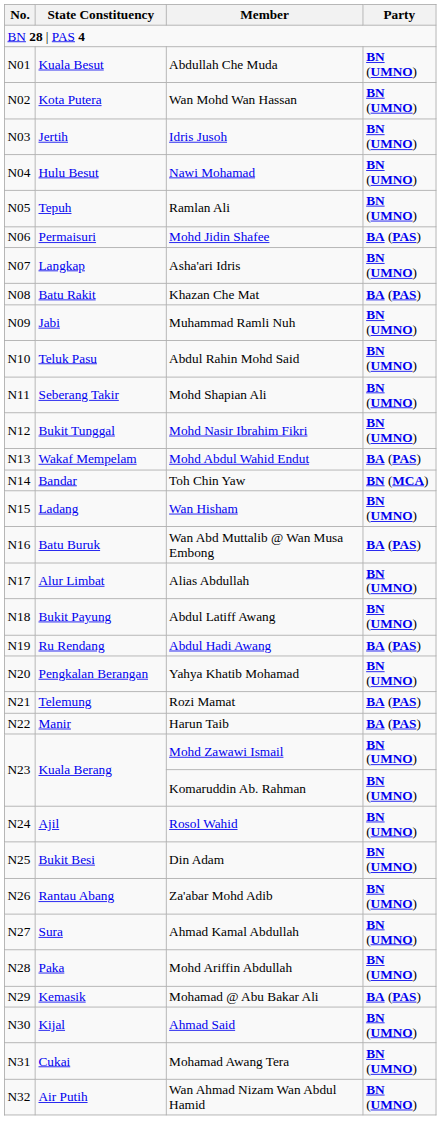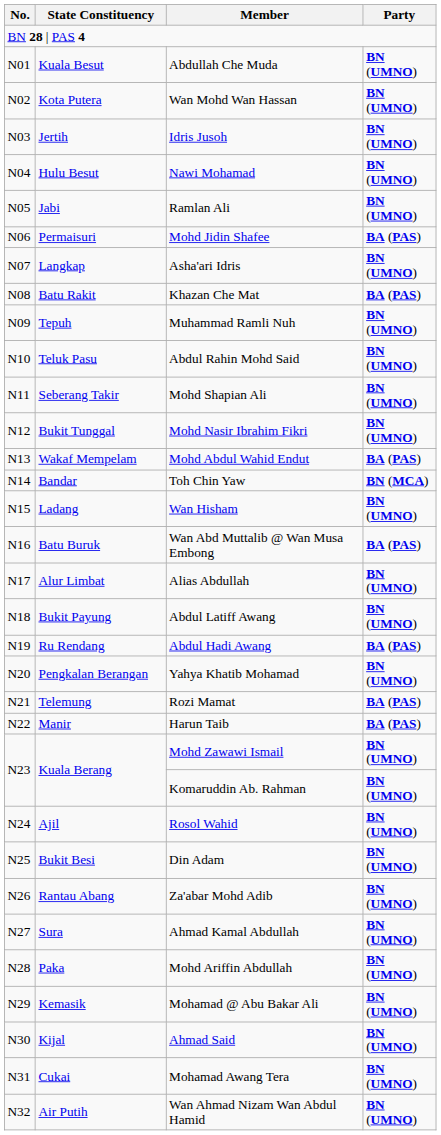 <table class="wikitable sortable">
 <tr>
 <th style="width:30px;">No.</th>
 <th style="width:150px;">State Constituency</th>
 <th style="width:230px;">Member</th>
 <th style="width:80px;">Party</th>
 </tr>
 <tr>
 <td colspan="4"><a href='#'>BN</a> <strong>28</strong> | <a href='#'>PAS</a> <strong>4</strong></td>
 </tr>
 <tr>
 <td>N01</td>
 <td><a href='#'>Kuala Besut</a></td>
 <td>Abdullah Che Muda</td>
 <td><strong><a href='#'>BN</a></strong> (<strong><a href='#'>UMNO</a></strong>)</td>
 </tr>
 <tr>
 <td>N02</td>
 <td><a href='#'>Kota Putera</a></td>
 <td>Wan Mohd Wan Hassan</td>
 <td><strong><a href='#'>BN</a></strong> (<strong><a href='#'>UMNO</a></strong>)</td>
 </tr>
 <tr>
 <td>N03</td>
 <td><a href='#'>Jertih</a></td>
 <td><a href='#'>Idris Jusoh</a></td>
 <td><strong><a href='#'>BN</a></strong> (<strong><a href='#'>UMNO</a></strong>)</td>
 </tr>
 <tr>
 <td>N04</td>
 <td><a href='#'>Hulu Besut</a></td>
 <td><a href='#'>Nawi Mohamad</a></td>
 <td><strong><a href='#'>BN</a></strong> (<strong><a href='#'>UMNO</a></strong>)</td>
 </tr>
 <tr>
 <td>N05</td>
-<td><a href='#'>Tepuh</a></td>
+<td><a href='#'>Jabi</a></td>
 <td>Ramlan Ali</td>
 <td><strong><a href='#'>BN</a></strong> (<strong><a href='#'>UMNO</a></strong>)</td>
 </tr>
 <tr>
 <td>N06</td>
 <td><a href='#'>Permaisuri</a></td>
 <td><a href='#'>Mohd Jidin Shafee</a></td>
 <td><strong><a href='#'>BA</a></strong> (<strong><a href='#'>PAS</a></strong>)</td>
 </tr>
 <tr>
 <td>N07</td>
 <td><a href='#'>Langkap</a></td>
 <td>Asha'ari Idris</td>
 <td><strong><a href='#'>BN</a></strong> (<strong><a href='#'>UMNO</a></strong>)</td>
 </tr>
 <tr>
 <td>N08</td>
 <td><a href='#'>Batu Rakit</a></td>
 <td>Khazan Che Mat</td>
 <td><strong><a href='#'>BA</a></strong> (<strong><a href='#'>PAS</a></strong>)</td>
 </tr>
 <tr>
 <td>N09</td>
-<td><a href='#'>Jabi</a></td>
+<td><a href='#'>Tepuh</a></td>
 <td>Muhammad Ramli Nuh</td>
 <td><strong><a href='#'>BN</a></strong> (<strong><a href='#'>UMNO</a></strong>)</td>
 </tr>
 <tr>
 <td>N10</td>
 <td><a href='#'>Teluk Pasu</a></td>
 <td>Abdul Rahin Mohd Said</td>
 <td><strong><a href='#'>BN</a></strong> (<strong><a href='#'>UMNO</a></strong>)</td>
 </tr>
 <tr>
 <td>N11</td>
 <td><a href='#'>Seberang Takir</a></td>
 <td>Mohd Shapian Ali</td>
 <td><strong><a href='#'>BN</a></strong> (<strong><a href='#'>UMNO</a></strong>)</td>
 </tr>
 <tr>
 <td>N12</td>
 <td><a href='#'>Bukit Tunggal</a></td>
 <td><a href='#'>Mohd Nasir Ibrahim Fikri</a></td>
 <td><strong><a href='#'>BN</a></strong> (<strong><a href='#'>UMNO</a></strong>)</td>
 </tr>
 <tr>
 <td>N13</td>
 <td><a href='#'>Wakaf Mempelam</a></td>
 <td><a href='#'>Mohd Abdul Wahid Endut</a></td>
 <td><strong><a href='#'>BA</a></strong> (<strong><a href='#'>PAS</a></strong>)</td>
 </tr>
 <tr>
 <td>N14</td>
 <td><a href='#'>Bandar</a></td>
 <td>Toh Chin Yaw</td>
 <td><strong><a href='#'>BN</a></strong> (<strong><a href='#'>MCA</a></strong>)</td>
 </tr>
 <tr>
 <td>N15</td>
 <td><a href='#'>Ladang</a></td>
 <td><a href='#'>Wan Hisham</a></td>
 <td><strong><a href='#'>BN</a></strong> (<strong><a href='#'>UMNO</a></strong>)</td>
 </tr>
 <tr>
 <td>N16</td>
 <td><a href='#'>Batu Buruk</a></td>
 <td>Wan Abd Muttalib @ Wan Musa Embong</td>
 <td><strong><a href='#'>BA</a></strong> (<strong><a href='#'>PAS</a></strong>)</td>
 </tr>
 <tr>
 <td>N17</td>
 <td><a href='#'>Alur Limbat</a></td>
 <td>Alias Abdullah</td>
 <td><strong><a href='#'>BN</a></strong> (<strong><a href='#'>UMNO</a></strong>)</td>
 </tr>
 <tr>
 <td>N18</td>
 <td><a href='#'>Bukit Payung</a></td>
 <td>Abdul Latiff Awang</td>
 <td><strong><a href='#'>BN</a></strong> (<strong><a href='#'>UMNO</a></strong>)</td>
 </tr>
 <tr>
 <td>N19</td>
 <td><a href='#'>Ru Rendang</a></td>
 <td><a href='#'>Abdul Hadi Awang</a></td>
 <td><strong><a href='#'>BA</a></strong> (<strong><a href='#'>PAS</a></strong>)</td>
 </tr>
 <tr>
 <td>N20</td>
 <td><a href='#'>Pengkalan Berangan</a></td>
 <td>Yahya Khatib Mohamad</td>
 <td><strong><a href='#'>BN</a></strong> (<strong><a href='#'>UMNO</a></strong>)</td>
 </tr>
 <tr>
 <td>N21</td>
 <td><a href='#'>Telemung</a></td>
 <td>Rozi Mamat</td>
 <td><strong><a href='#'>BA</a></strong> (<strong><a href='#'>PAS</a></strong>)</td>
 </tr>
 <tr>
 <td>N22</td>
 <td><a href='#'>Manir</a></td>
 <td>Harun Taib</td>
 <td><strong><a href='#'>BA</a></strong> (<strong><a href='#'>PAS</a></strong>)</td>
 </tr>
 <tr>
 <td rowspan=2>N23</td>
 <td rowspan=2><a href='#'>Kuala Berang</a></td>
 <td><a href='#'>Mohd Zawawi Ismail</a> </td>
 <td><strong><a href='#'>BN</a></strong> (<strong><a href='#'>UMNO</a></strong>)</td>
 </tr>
 <tr>
 <td>Komaruddin Ab. Rahman </td>
 <td><strong><a href='#'>BN</a></strong> (<strong><a href='#'>UMNO</a></strong>)</td>
 </tr>
 <tr>
 <td>N24</td>
 <td><a href='#'>Ajil</a></td>
 <td><a href='#'>Rosol Wahid</a></td>
 <td><strong><a href='#'>BN</a></strong> (<strong><a href='#'>UMNO</a></strong>)</td>
 </tr>
 <tr>
 <td>N25</td>
 <td><a href='#'>Bukit Besi</a></td>
 <td>Din Adam</td>
 <td><strong><a href='#'>BN</a></strong> (<strong><a href='#'>UMNO</a></strong>)</td>
 </tr>
 <tr>
 <td>N26</td>
 <td><a href='#'>Rantau Abang</a></td>
 <td>Za'abar Mohd Adib</td>
 <td><strong><a href='#'>BN</a></strong> (<strong><a href='#'>UMNO</a></strong>)</td>
 </tr>
 <tr>
 <td>N27</td>
 <td><a href='#'>Sura</a></td>
 <td>Ahmad Kamal Abdullah</td>
 <td><strong><a href='#'>BN</a></strong> (<strong><a href='#'>UMNO</a></strong>)</td>
 </tr>
 <tr>
 <td>N28</td>
 <td><a href='#'>Paka</a></td>
 <td>Mohd Ariffin Abdullah</td>
 <td><strong><a href='#'>BN</a></strong> (<strong><a href='#'>UMNO</a></strong>)</td>
 </tr>
 <tr>
 <td>N29</td>
 <td><a href='#'>Kemasik</a></td>
 <td>Mohamad @ Abu Bakar Ali</td>
-<td><strong><a href='#'>BA</a></strong> (<strong><a href='#'>PAS</a></strong>)</td>
+<td><strong><a href='#'>BN</a></strong> (<strong><a href='#'>UMNO</a></strong>)</td>
 </tr>
 <tr>
 <td>N30</td>
 <td><a href='#'>Kijal</a></td>
 <td><a href='#'>Ahmad Said</a></td>
 <td><strong><a href='#'>BN</a></strong> (<strong><a href='#'>UMNO</a></strong>)</td>
 </tr>
 <tr>
 <td>N31</td>
 <td><a href='#'>Cukai</a></td>
 <td>Mohamad Awang Tera</td>
 <td><strong><a href='#'>BN</a></strong> (<strong><a href='#'>UMNO</a></strong>)</td>
 </tr>
 <tr>
 <td>N32</td>
 <td><a href='#'>Air Putih</a></td>
 <td>Wan Ahmad Nizam Wan Abdul Hamid</td>
 <td><strong><a href='#'>BN</a></strong> (<strong><a href='#'>UMNO</a></strong>)</td>
 </tr>
 </table>
